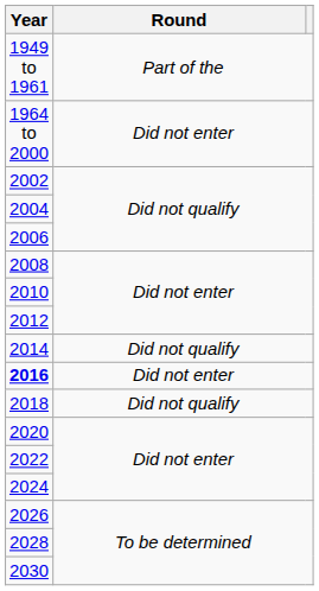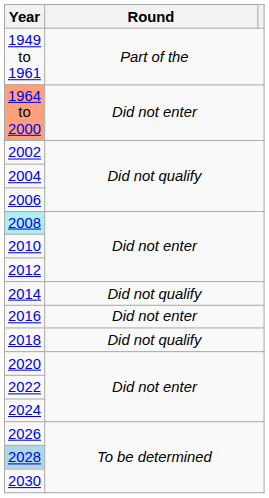 <table class="wikitable" style="text-align: center; font-size:90%">
 <tr>
 <th>Year</th>
 <th style="width:200px">Round</th>
 <th></th>
 </tr>
 <tr>
 <td><a href='#'>1949</a><br>to<br><a href='#'>1961</a></td>
 <td colspan="2"><em>Part of the </em></td>
 </tr>
 <tr>
-<td><a href='#'>1964</a><br>to<br><a href='#'>2000</a></td>
+<td style="background: lightsalmon;"><a href='#'>1964</a><br>to<br><a href='#'>2000</a></td>
 <td colspan="2"><em>Did not enter</em></td>
 </tr>
 <tr>
 <td><a href='#'>2002</a></td>
 <td colspan="2" rowspan="3"><em>Did not qualify</em></td>
 </tr>
 <tr>
 <td><a href='#'>2004</a></td>
 </tr>
 <tr>
 <td><a href='#'>2006</a></td>
 </tr>
 <tr>
-<td><a href='#'>2008</a></td>
+<td style="background: paleturquoise;"><a href='#'>2008</a></td>
 <td colspan="2" rowspan="3"><em>Did not enter</em></td>
 </tr>
 <tr>
 <td><a href='#'>2010</a></td>
 </tr>
 <tr>
 <td><a href='#'>2012</a></td>
 </tr>
 <tr>
 <td><a href='#'>2014</a></td>
 <td colspan="2"><em>Did not qualify</em></td>
 </tr>
 <tr>
-<td><strong><a href='#'>2016</a></strong></td>
+<td><a href='#'>2016</a></td>
 <td colspan="2"><em>Did not enter</em></td>
 </tr>
 <tr>
 <td><a href='#'>2018</a></td>
 <td colspan="2"><em>Did not qualify</em></td>
 </tr>
 <tr>
 <td><a href='#'>2020</a></td>
 <td colspan="2" rowspan="3"><em>Did not enter</em></td>
 </tr>
 <tr>
 <td><a href='#'>2022</a></td>
 </tr>
 <tr>
 <td><a href='#'>2024</a></td>
 </tr>
 <tr>
 <td><a href='#'>2026</a></td>
 <td colspan="2" rowspan="3"><em>To be determined</em></td>
 </tr>
 <tr>
-<td><a href='#'>2028</a></td>
+<td style="background: lightblue;"><a href='#'>2028</a></td>
 </tr>
 <tr>
 <td><a href='#'>2030</a></td>
 </tr>
 </table>
